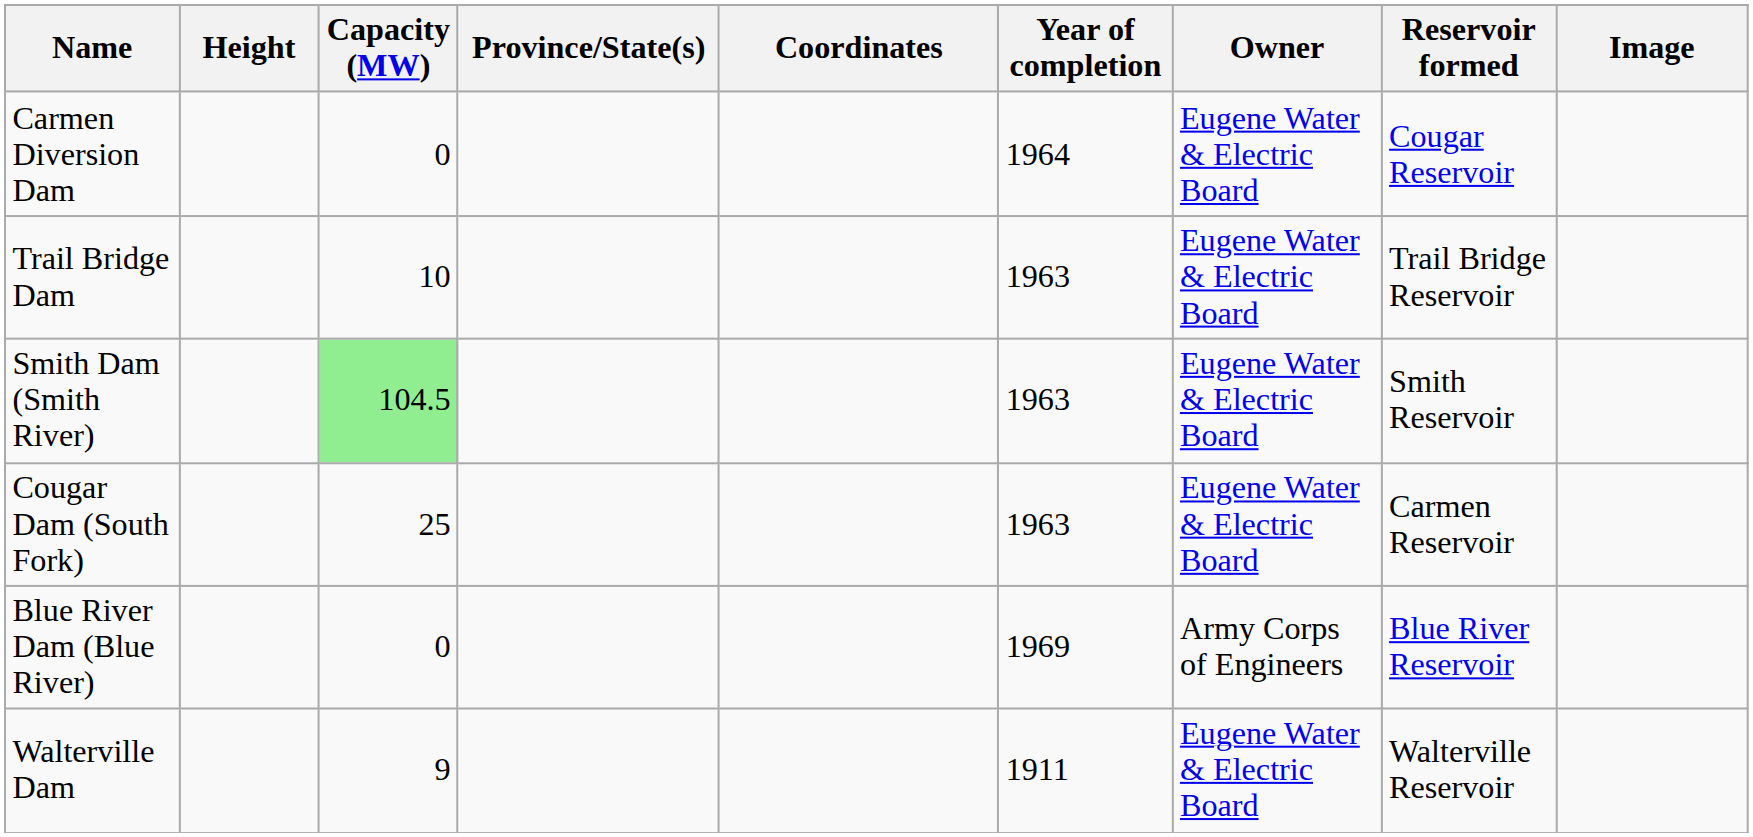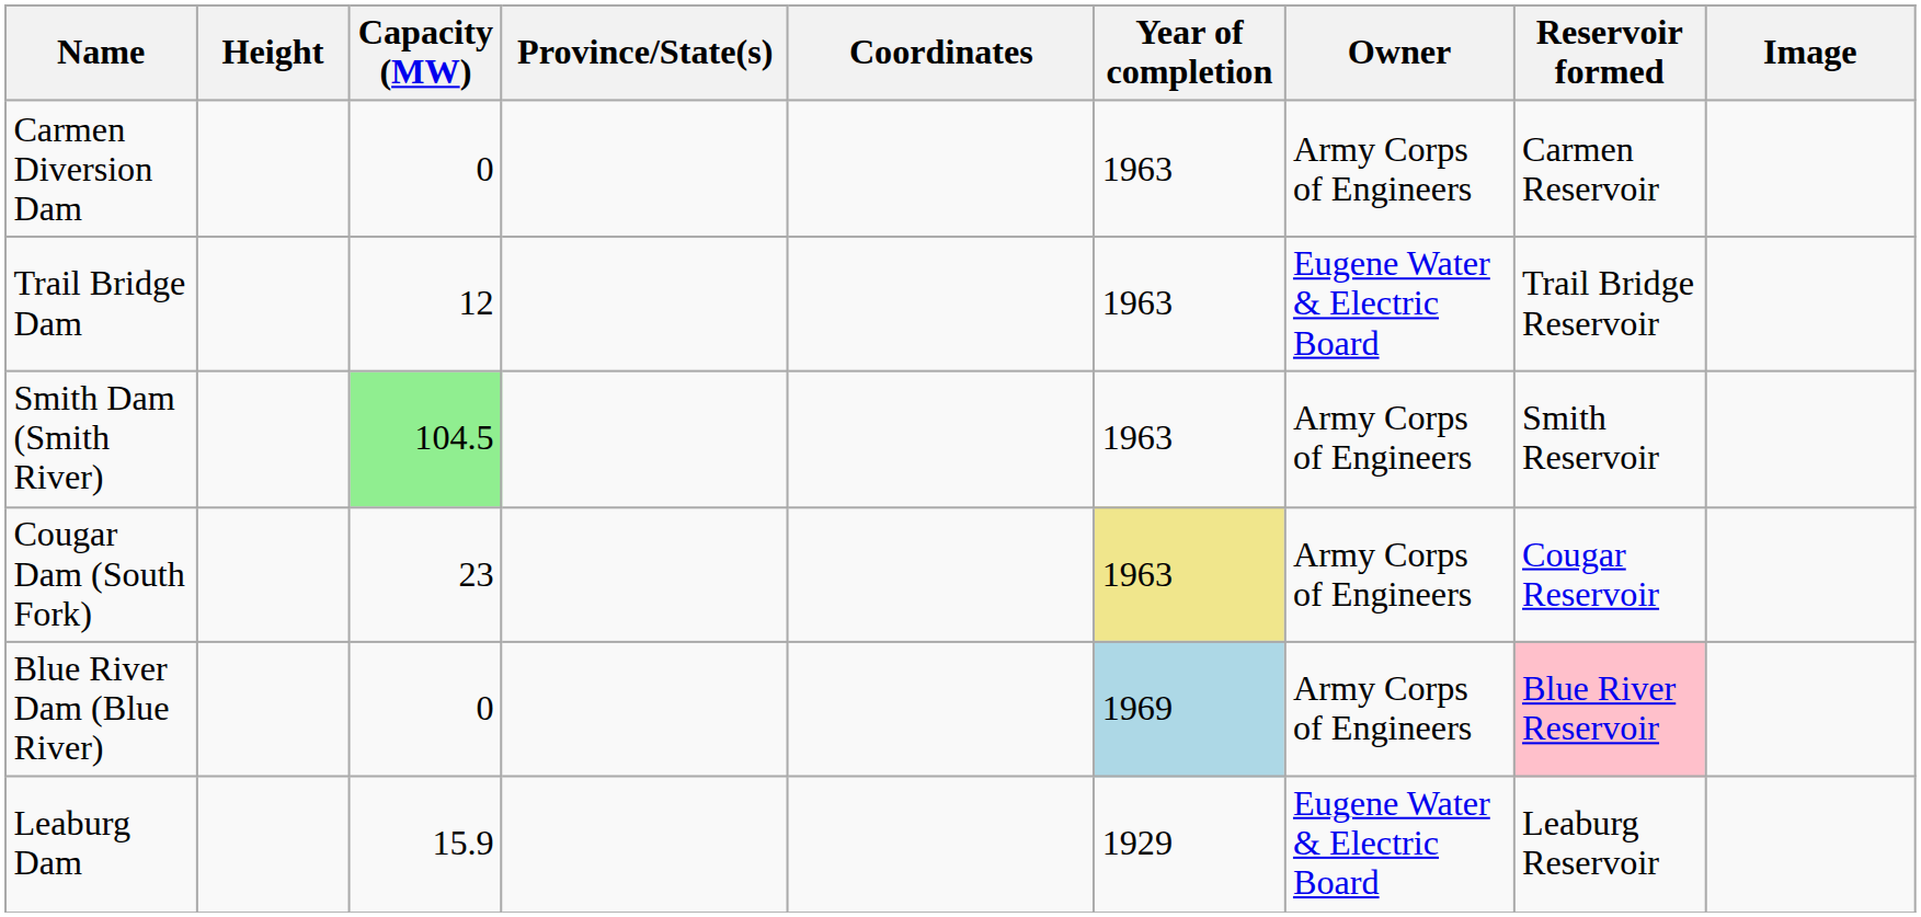 <table class="wikitable sortable" border="1">
 <tr>
 <th width="10%">Name</th>
 <th width="8%">Height</th>
 <th width="8%">Capacity (<a href='#'>MW</a>)</th>
 <th width="15%">Province/State(s)</th>
 <th width="16%">Coordinates</th>
 <th width="10%">Year of completion</th>
 <th width="12%">Owner</th>
 <th width="10%">Reservoir formed</th>
 <th>Image</th>
 </tr>
 <tr>
 <td>Carmen Diversion Dam</td>
 <td></td>
 <td align="right">0</td>
 <td></td>
 <td></td>
-<td>1964</td>
-<td><a href='#'>Eugene Water & Electric Board</a></td>
-<td><a href='#'>Cougar Reservoir</a></td>
+<td>1963</td>
+<td>Army Corps of Engineers</td>
+<td>Carmen Reservoir</td>
 <td></td>
 </tr>
 <tr>
 <td>Trail Bridge Dam</td>
 <td></td>
-<td align="right">10</td>
+<td align="right">12</td>
 <td></td>
 <td></td>
 <td>1963</td>
 <td><a href='#'>Eugene Water & Electric Board</a></td>
 <td>Trail Bridge Reservoir</td>
 <td></td>
 </tr>
 <tr>
 <td>Smith Dam (Smith River)</td>
 <td></td>
 <td align="right" style="background: lightgreen;">104.5</td>
 <td></td>
 <td></td>
 <td>1963</td>
-<td><a href='#'>Eugene Water & Electric Board</a></td>
+<td>Army Corps of Engineers</td>
 <td>Smith Reservoir</td>
 <td></td>
 </tr>
 <tr>
 <td>Cougar Dam (South Fork)</td>
 <td></td>
-<td align="right">25</td>
+<td align="right">23</td>
 <td></td>
 <td></td>
-<td>1963</td>
-<td><a href='#'>Eugene Water & Electric Board</a></td>
-<td>Carmen Reservoir</td>
+<td style="background: khaki;">1963</td>
+<td>Army Corps of Engineers</td>
+<td><a href='#'>Cougar Reservoir</a></td>
 <td></td>
 </tr>
 <tr>
 <td>Blue River Dam (Blue River)</td>
 <td></td>
 <td align="right">0</td>
 <td></td>
 <td></td>
-<td>1969</td>
+<td style="background: lightblue;">1969</td>
 <td>Army Corps of Engineers</td>
-<td><a href='#'>Blue River Reservoir</a></td>
+<td style="background: pink;"><a href='#'>Blue River Reservoir</a></td>
 <td></td>
 </tr>
 <tr>
-<td>Walterville Dam</td>
+<td>Leaburg Dam</td>
 <td></td>
-<td align="right">9</td>
+<td align="right">15.9</td>
 <td></td>
 <td></td>
-<td>1911</td>
+<td>1929</td>
 <td><a href='#'>Eugene Water & Electric Board</a></td>
-<td>Walterville Reservoir</td>
+<td>Leaburg Reservoir</td>
 <td></td>
 </tr>
 </table>
